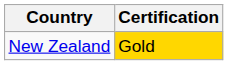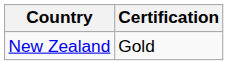 <table class="wikitable">
 <tr>
 <th>Country</th>
 <th>Certification</th>
 </tr>
 <tr>
 <td><a href='#'>New Zealand</a></td>
-<td style="background: gold;">Gold</td>
+<td>Gold</td>
 </tr>
 </table>
